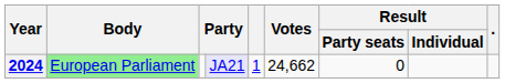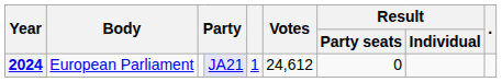 <table class="wikitable plainrowheaders sortable" border=2 cellpadding=4 cellspacing=0 style="border: 1px #aaa solid; font-size: 90%; text-align:center;">
 <tr>
 <th scope="col" rowspan=2>Year</th>
 <th scope="col" rowspan=2>Body</th>
 <th scope="col" colspan=2 rowspan=2>Party</th>
 <th scope="col" rowspan=2></th>
 <th scope="col" rowspan=2>Votes</th>
 <th scope="colgroup" colspan=2>Result</th>
 <th scope="col" rowspan=2>.</th>
 </tr>
 <tr>
 <th scope="col">Party seats</th>
 <th scope="col">Individual</th>
 </tr>
 <tr>
 <th scope="row"><a href='#'>2024</a></th>
-<td style="background: lightgreen;"><a href='#'>European Parliament</a></td>
+<td><a href='#'>European Parliament</a></td>
 <td style="background-color:"></td>
 <td style="background: lavender;"><a href='#'>JA21</a></td>
 <td style=text-align:right><a href='#'>1</a></td>
-<td style=text-align:right>24,662</td>
+<td style=text-align:right>24,612</td>
 <td style=text-align:right>0</td>
 <td></td>
 <td></td>
 </tr>
 </table>
